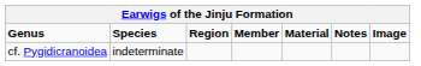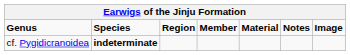 <table class="wikitable">
 <tr>
 <th colspan="7"><a href='#'>Earwigs</a> of the Jinju Formation</th>
 </tr>
 <tr>
 <td><strong>Genus</strong></td>
 <td><strong>Species</strong></td>
 <td><strong>Region</strong></td>
 <td><strong>Member</strong></td>
 <td><strong>Material</strong></td>
 <td><strong>Notes</strong></td>
 <td><strong>Image</strong></td>
 </tr>
 <tr>
 <td>cf. <a href='#'>Pygidicranoidea</a></td>
-<td>indeterminate</td>
+<td><strong>indeterminate</strong></td>
 <td></td>
 <td></td>
 <td></td>
 <td></td>
 <td></td>
 </tr>
 </table>
